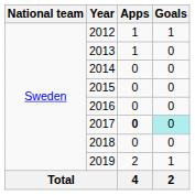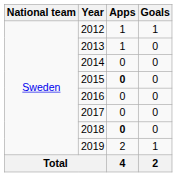 <table class="wikitable" style="text-align:center;">
 <tr>
 <th>National team</th>
 <th>Year</th>
 <th>Apps</th>
 <th>Goals</th>
 </tr>
 <tr>
 <td rowspan="8"><a href='#'>Sweden</a></td>
 <td>2012</td>
 <td>1</td>
 <td>1</td>
 </tr>
 <tr>
 <td>2013</td>
 <td>1</td>
 <td>0</td>
 </tr>
 <tr>
 <td>2014</td>
 <td>0</td>
 <td>0</td>
 </tr>
 <tr>
 <td>2015</td>
-<td>0</td>
+<td><strong>0</strong></td>
 <td>0</td>
 </tr>
 <tr>
 <td>2016</td>
 <td>0</td>
 <td>0</td>
 </tr>
 <tr>
 <td>2017</td>
-<td><strong>0</strong></td>
-<td style="background: paleturquoise;">0</td>
+<td>0</td>
+<td>0</td>
 </tr>
 <tr>
 <td>2018</td>
-<td>0</td>
+<td><strong>0</strong></td>
 <td>0</td>
 </tr>
 <tr>
 <td>2019</td>
 <td>2</td>
 <td>1</td>
 </tr>
 <tr>
 <th colspan=2>Total</th>
 <th>4</th>
 <th>2</th>
 </tr>
 </table>
